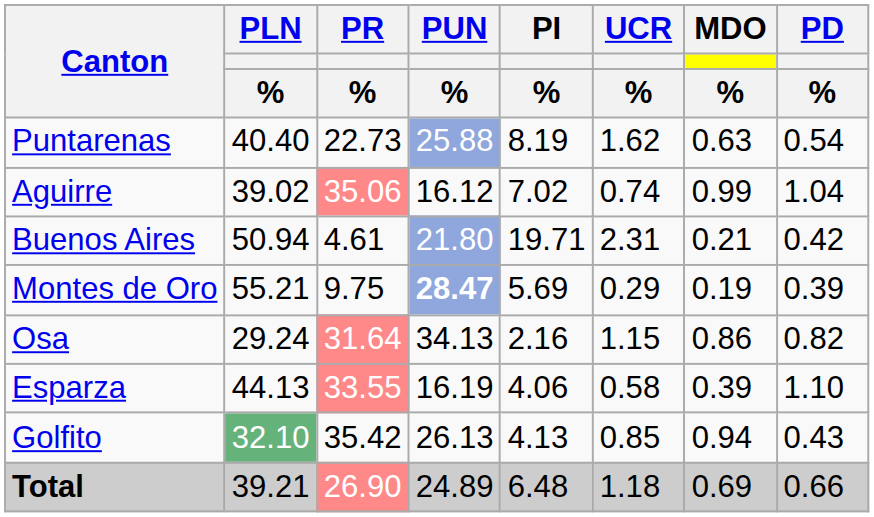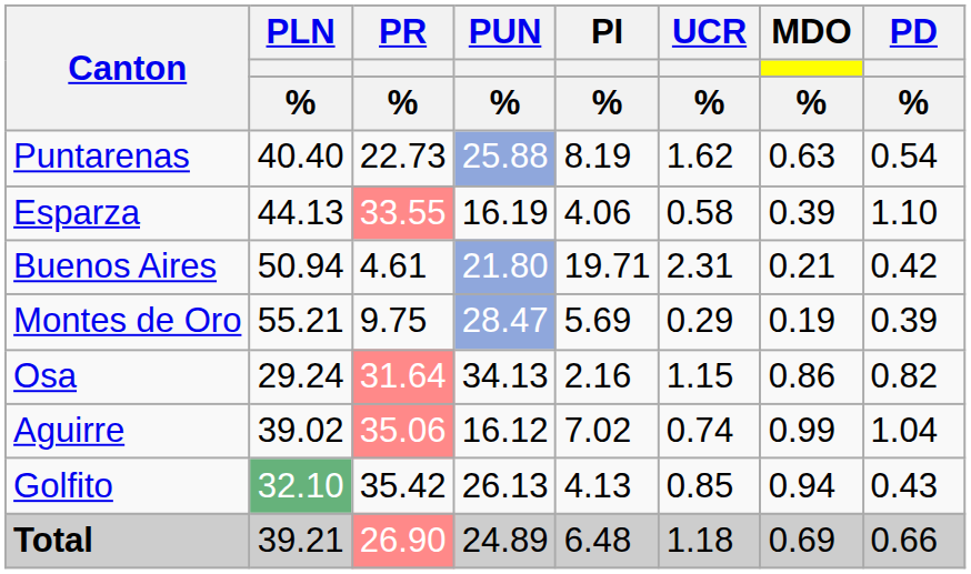 <table class="wikitable mw-collapsible mw-collapsed">
 <tr>
 <th rowspan="3"><a href='#'>Canton</a></th>
 <th colspan="1" width="40px"><a href='#'>PLN</a></th>
 <th colspan="1" width="40px"><a href='#'>PR</a></th>
 <th colspan="1" width="40px"><a href='#'>PUN</a></th>
 <th colspan="1" width="40px">PI</th>
 <th colspan="1" width="40px"><a href='#'>UCR</a></th>
 <th colspan="1" width="40px">MDO</th>
 <th colspan="1" width="40px"><a href='#'>PD</a></th>
 </tr>
 <tr>
 <th style="background:"></th>
 <th style="background:"></th>
 <th style="background:"></th>
 <th style="background:"></th>
 <th style="background:"></th>
 <th style="background:yellow"></th>
 <th style="background:"></th>
 </tr>
 <tr>
 <th data-sort-type="number">%</th>
 <th data-sort-type="number">%</th>
 <th data-sort-type="number">%</th>
 <th data-sort-type="number">%</th>
 <th data-sort-type="number">%</th>
 <th data-sort-type="number">%</th>
 <th data-sort-type="number">%</th>
 </tr>
 <tr>
 <td align="left"><a href='#'>Puntarenas</a></td>
 <td style="background:">40.40</td>
 <td>22.73</td>
 <td style="background:#8fa7dc; color:white;">25.88</td>
 <td>8.19</td>
 <td>1.62</td>
 <td>0.63</td>
 <td>0.54</td>
 </tr>
 <tr>
-<td align="left"><a href='#'>Aguirre</a></td>
-<td style="background:">39.02</td>
-<td style="background:#ff8989; color:white;">35.06</td>
-<td>16.12</td>
-<td>7.02</td>
-<td>0.74</td>
-<td>0.99</td>
-<td>1.04</td>
+<td align="left"><a href='#'>Esparza</a></td>
+<td style="background:">44.13</td>
+<td style="background:#ff8989; color:white;">33.55</td>
+<td>16.19</td>
+<td>4.06</td>
+<td>0.58</td>
+<td>0.39</td>
+<td>1.10</td>
 </tr>
 <tr>
 <td align="left"><a href='#'>Buenos Aires</a></td>
 <td style="background:">50.94</td>
 <td>4.61</td>
 <td style="background:#8fa7dc; color:white;">21.80</td>
 <td>19.71</td>
 <td>2.31</td>
 <td>0.21</td>
 <td>0.42</td>
 </tr>
 <tr>
 <td align="left"><a href='#'>Montes de Oro</a></td>
 <td style="background:">55.21</td>
 <td>9.75</td>
-<td style="background:#8fa7dc; color:white;"><strong>28.47</strong></td>
+<td style="background:#8fa7dc; color:white;">28.47</td>
 <td>5.69</td>
 <td>0.29</td>
 <td>0.19</td>
 <td>0.39</td>
 </tr>
 <tr>
 <td align="left"><a href='#'>Osa</a></td>
 <td>29.24</td>
 <td style="background:#ff8989; color:white;">31.64</td>
 <td style="background:">34.13</td>
 <td>2.16</td>
 <td>1.15</td>
 <td>0.86</td>
 <td>0.82</td>
 </tr>
 <tr>
-<td align="left"><a href='#'>Esparza</a></td>
-<td style="background:">44.13</td>
-<td style="background:#ff8989; color:white;">33.55</td>
-<td>16.19</td>
-<td>4.06</td>
-<td>0.58</td>
-<td>0.39</td>
-<td>1.10</td>
+<td align="left"><a href='#'>Aguirre</a></td>
+<td style="background:">39.02</td>
+<td style="background:#ff8989; color:white;">35.06</td>
+<td>16.12</td>
+<td>7.02</td>
+<td>0.74</td>
+<td>0.99</td>
+<td>1.04</td>
 </tr>
 <tr>
 <td align="left"><a href='#'>Golfito</a></td>
 <td style="background:#66B27B; color:white;">32.10</td>
 <td style="background:">35.42</td>
 <td>26.13</td>
 <td>4.13</td>
 <td>0.85</td>
 <td>0.94</td>
 <td>0.43</td>
 </tr>
 <tr style="background:#CDCDCD;">
 <td align="left"><strong>Total</strong></td>
 <td style="background:">39.21</td>
 <td style="background:#ff8989; color:white;">26.90</td>
 <td>24.89</td>
 <td>6.48</td>
 <td>1.18</td>
 <td>0.69</td>
 <td>0.66</td>
 </tr>
 </table>
